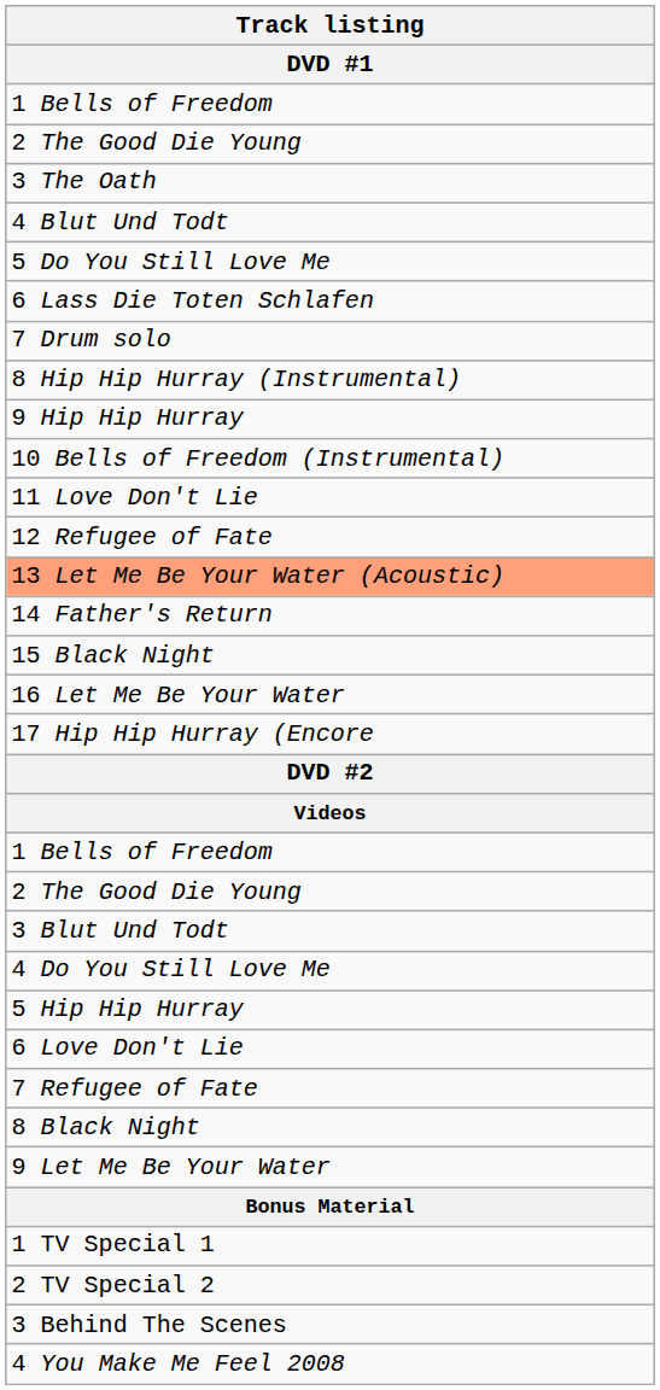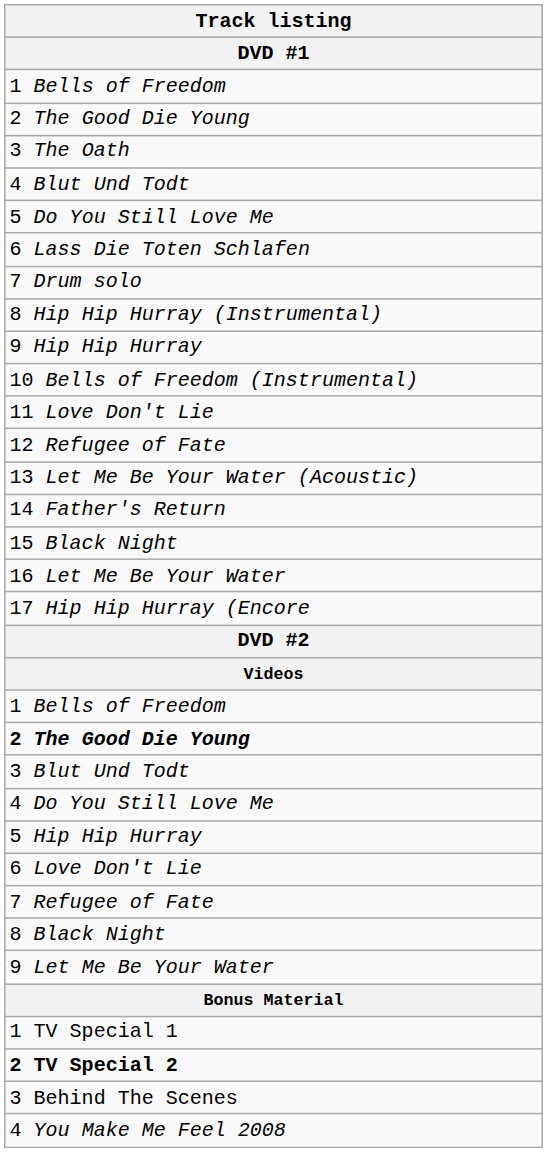 <table class="wikitable collapsible" style="width:350px;">
 <tr>
 <th>Track listing</th>
 </tr>
 <tr>
 <th>DVD #1</th>
 </tr>
 <tr>
 <td>1 <em>Bells of Freedom</em></td>
 </tr>
 <tr>
 <td>2 <em>The Good Die Young</em></td>
 </tr>
 <tr>
 <td>3 <em>The Oath</em></td>
 </tr>
 <tr>
 <td>4 <em>Blut Und Todt</em></td>
 </tr>
 <tr>
 <td>5 <em>Do You Still Love Me</em></td>
 </tr>
 <tr>
 <td>6 <em>Lass Die Toten Schlafen</em></td>
 </tr>
 <tr>
 <td>7 <em>Drum solo</em></td>
 </tr>
 <tr>
 <td>8 <em>Hip Hip Hurray (Instrumental)</em></td>
 </tr>
 <tr>
 <td>9 <em>Hip Hip Hurray</em></td>
 </tr>
 <tr>
 <td>10 <em>Bells of Freedom (Instrumental)</em></td>
 </tr>
 <tr>
 <td>11 <em>Love Don't Lie</em></td>
 </tr>
 <tr>
 <td>12 <em>Refugee of Fate</em></td>
 </tr>
 <tr>
-<td style="background: lightsalmon;">13 <em>Let Me Be Your Water (Acoustic)</em></td>
+<td>13 <em>Let Me Be Your Water (Acoustic)</em></td>
 </tr>
 <tr>
 <td>14 <em>Father's Return</em></td>
 </tr>
 <tr>
 <td>15 <em>Black Night</em></td>
 </tr>
 <tr>
 <td>16 <em>Let Me Be Your Water</em></td>
 </tr>
 <tr>
 <td>17 <em>Hip Hip Hurray (Encore</em></td>
 </tr>
 <tr>
 <th>DVD #2</th>
 </tr>
 <tr>
 <th><small>Videos</small></th>
 </tr>
 <tr>
 <td>1 <em>Bells of Freedom</em></td>
 </tr>
 <tr>
-<td>2 <em>The Good Die Young</em></td>
+<td><strong>2 <em>The Good Die Young</em></strong></td>
 </tr>
 <tr>
 <td>3 <em>Blut Und Todt</em></td>
 </tr>
 <tr>
 <td>4 <em>Do You Still Love Me</em></td>
 </tr>
 <tr>
 <td>5 <em>Hip Hip Hurray</em></td>
 </tr>
 <tr>
 <td>6 <em>Love Don't Lie</em></td>
 </tr>
 <tr>
 <td>7 <em>Refugee of Fate</em></td>
 </tr>
 <tr>
 <td>8 <em>Black Night</em></td>
 </tr>
 <tr>
 <td>9 <em>Let Me Be Your Water</em></td>
 </tr>
 <tr>
 <th><small>Bonus Material</small></th>
 </tr>
 <tr>
 <td>1 TV Special 1</td>
 </tr>
 <tr>
-<td>2 TV Special 2</td>
+<td><strong>2 TV Special 2</strong></td>
 </tr>
 <tr>
 <td>3 Behind The Scenes</td>
 </tr>
 <tr>
 <td>4 <em>You Make Me Feel 2008</em></td>
 </tr>
 </table>
